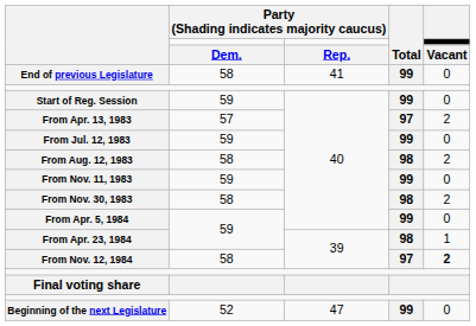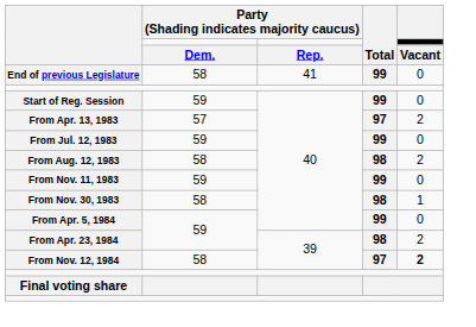 <table class=wikitable style="text-align:center">
 <tr style="vertical-align:bottom;">
 <th rowspan=3></th>
 <th colspan=2>Party <div>(Shading indicates majority caucus)</div></th>
 <th rowspan=3>Total</th>
 <th></th>
 </tr>
 <tr style="height:5px">
 <td style="background-color:"></td>
 <td style="background-color:"></td>
 <td style="background:black;"></td>
 </tr>
 <tr>
 <th><a href='#'>Dem.</a></th>
 <th><a href='#'>Rep.</a></th>
 <th>Vacant</th>
 </tr>
 <tr>
 <th style="font-size:80%;">End of <a href='#'>previous Legislature</a></th>
 <td>58</td>
 <td>41</td>
 <th>99</th>
 <td>0</td>
 </tr>
 <tr>
 <td colspan=5></td>
 </tr>
 <tr>
 <th style="font-size:80%;">Start of Reg. Session</th>
 <td>59</td>
 <td rowspan="7">40</td>
 <th>99</th>
 <td>0</td>
 </tr>
 <tr>
 <th style="font-size:80%;">From Apr. 13, 1983</th>
 <td>57</td>
 <th>97</th>
 <td>2</td>
 </tr>
 <tr>
 <th style="font-size:80%;">From Jul. 12, 1983</th>
 <td>59</td>
 <th>99</th>
 <td>0</td>
 </tr>
 <tr>
 <th style="font-size:80%;">From Aug. 12, 1983</th>
 <td>58</td>
 <th>98</th>
 <td>2</td>
 </tr>
 <tr>
 <th style="font-size:80%;">From Nov. 11, 1983</th>
 <td>59</td>
 <th>99</th>
 <td>0</td>
 </tr>
 <tr>
 <th style="font-size:80%;">From Nov. 30, 1983</th>
 <td>58</td>
 <th>98</th>
-<td>2</td>
+<td>1</td>
 </tr>
 <tr>
 <th style="font-size:80%;">From Apr. 5, 1984</th>
 <td rowspan="2" >59</td>
 <th>99</th>
 <td>0</td>
 </tr>
 <tr>
 <th style="font-size:80%;">From Apr. 23, 1984</th>
 <td rowspan="2">39</td>
 <th>98</th>
-<td>1</td>
+<td>2</td>
 </tr>
 <tr>
 <th style="font-size:80%;">From Nov. 12, 1984</th>
 <td>58</td>
 <th>97</th>
 <td><strong>2</strong></td>
 </tr>
 <tr>
 <td colspan=5></td>
 </tr>
 <tr>
 <th>Final voting share</th>
 <th></th>
 <th></th>
 <th colspan=2></th>
 </tr>
 <tr>
 <td colspan=5></td>
 </tr>
-<tr>
-<th style="font-size:80%;">Beginning of the <a href='#'>next Legislature</a></th>
-<td>52</td>
-<td>47</td>
-<th>99</th>
-<td>0</td>
-</tr>
 </table>
